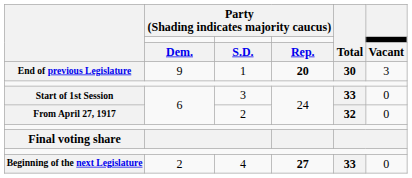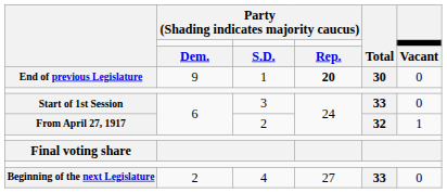 <table class=wikitable style="text-align:center">
 <tr style="vertical-align:bottom;">
 <th rowspan=3></th>
 <th colspan=3>Party <div>(Shading indicates majority caucus)</div></th>
 <th rowspan=3>Total</th>
 <th></th>
 </tr>
 <tr style="height:5px">
 <td style="background-color:"></td>
 <td style="background-color:"></td>
 <td style="background-color:"></td>
 <td style="background:black;"></td>
 </tr>
 <tr>
 <th><a href='#'>Dem.</a></th>
 <th><a href='#'>S.D.</a></th>
 <th><a href='#'>Rep.</a></th>
 <th>Vacant</th>
 </tr>
 <tr>
 <th style="font-size:80%;">End of <a href='#'>previous Legislature</a></th>
 <td>9</td>
 <td>1</td>
 <td><strong>20</strong></td>
 <th>30</th>
-<td>3</td>
+<td>0</td>
 </tr>
 <tr>
 <td colspan=6></td>
 </tr>
 <tr>
 <th style="font-size:80%;">Start of 1st Session</th>
 <td rowspan="2">6</td>
 <td>3</td>
 <td rowspan=2 >24</td>
 <th>33</th>
 <td>0</td>
 </tr>
 <tr>
 <th style="font-size:80%;">From April 27, 1917</th>
 <td>2</td>
 <th>32</th>
-<td>0</td>
+<td>1</td>
 </tr>
 <tr>
 <td colspan=6></td>
 </tr>
 <tr>
 <th>Final voting share</th>
 <th colspan=2></th>
 <th></th>
 <th colspan=2></th>
 </tr>
 <tr>
 <td colspan=6></td>
 </tr>
 <tr>
 <th style="font-size:80%;">Beginning of the <a href='#'>next Legislature</a></th>
 <td>2</td>
 <td>4</td>
-<td><strong>27</strong></td>
+<td>27</td>
 <th>33</th>
 <td>0</td>
 </tr>
 </table>
